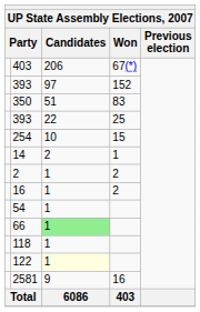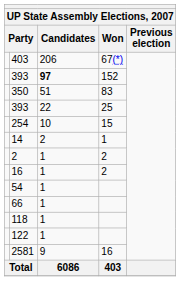 <table class="wikitable sortable">
 <tr>
 <th colspan=5></th>
 </tr>
 <tr>
 <th colspan=5>UP State Assembly Elections, 2007</th>
 </tr>
 <tr>
 <th colspan=2>Party</th>
 <th>Candidates</th>
 <th>Won</th>
 <th>Previous<br>election</th>
 </tr>
 <tr>
 <td></td>
 <td>403</td>
 <td>206</td>
 <td>67<a href='#'>(*)</a></td>
 </tr>
 <tr>
 <td></td>
 <td>393</td>
-<td>97</td>
+<td><strong>97</strong></td>
 <td>152</td>
 </tr>
 <tr>
 <td></td>
 <td>350</td>
 <td>51</td>
 <td>83</td>
 </tr>
 <tr>
 <td></td>
 <td>393</td>
 <td>22</td>
 <td>25</td>
 </tr>
 <tr>
 <td></td>
 <td>254</td>
 <td>10</td>
 <td>15</td>
 </tr>
 <tr>
 <td></td>
 <td>14</td>
 <td>2</td>
 <td>1</td>
 </tr>
 <tr>
 <td></td>
 <td>2</td>
 <td>1</td>
 <td>2</td>
 </tr>
 <tr>
 <td></td>
 <td>16</td>
 <td>1</td>
 <td>2</td>
 </tr>
 <tr>
 <td></td>
 <td>54</td>
 <td>1</td>
 <td></td>
 </tr>
 <tr>
 <td></td>
 <td>66</td>
-<td style="background: lightgreen;">1</td>
+<td>1</td>
 <td></td>
 </tr>
 <tr>
 <td></td>
 <td>118</td>
 <td>1</td>
 <td></td>
 </tr>
 <tr>
 <td></td>
 <td>122</td>
-<td style="background: lightyellow;">1</td>
+<td>1</td>
 <td></td>
 </tr>
 <tr>
 <td></td>
 <td>2581</td>
 <td>9</td>
 <td>16</td>
 </tr>
 <tr>
 <th colspan=2>Total</th>
 <th>6086</th>
 <th>403</th>
 <th></th>
 </tr>
 <tr>
 </tr>
 </table>
